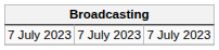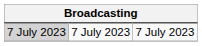 <table class=wikitable style="text-align:center;">
 <tr>
 <th colspan=3>Broadcasting</th>
 </tr>
 <tr style="border-top: 2px solid #333333;">
 </tr>
 <tr>
-<td>7 July 2023 </td>
+<td style="background: lightgrey;">7 July 2023 </td>
 <td>7 July 2023 </td>
 <td>7 July 2023 </td>
 </tr>
 <tr>
 </tr>
 </table>
